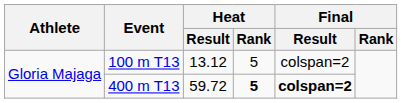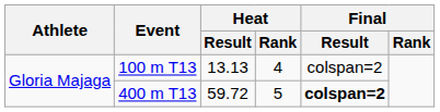 <table class="wikitable" style="font-size:90%">
 <tr>
 <th rowspan="2">Athlete</th>
 <th rowspan="2">Event</th>
 <th colspan="2">Heat</th>
 <th colspan="2">Final</th>
 </tr>
 <tr style="font-size:95%">
 <th>Result</th>
 <th>Rank</th>
 <th>Result</th>
 <th>Rank</th>
 </tr>
 <tr align=center>
 <td align=left rowspan=2><a href='#'>Gloria Majaga</a></td>
 <td align=left><a href='#'>100 m T13</a></td>
-<td>13.12</td>
-<td>5</td>
+<td>13.13</td>
+<td>4</td>
 <td>colspan=2 </td>
 </tr>
 <tr align=center>
 <td align=left><a href='#'>400 m T13</a></td>
 <td>59.72</td>
-<td><strong>5</strong></td>
+<td>5</td>
 <td><strong>colspan=2 </strong></td>
 </tr>
 </table>
